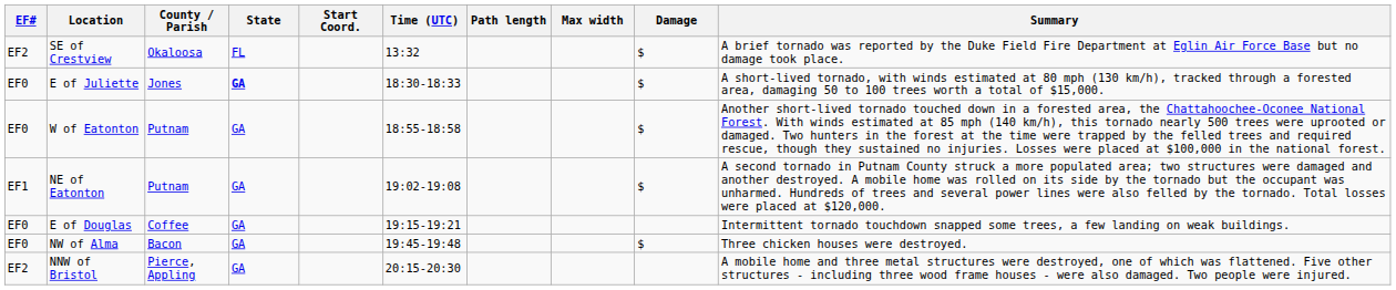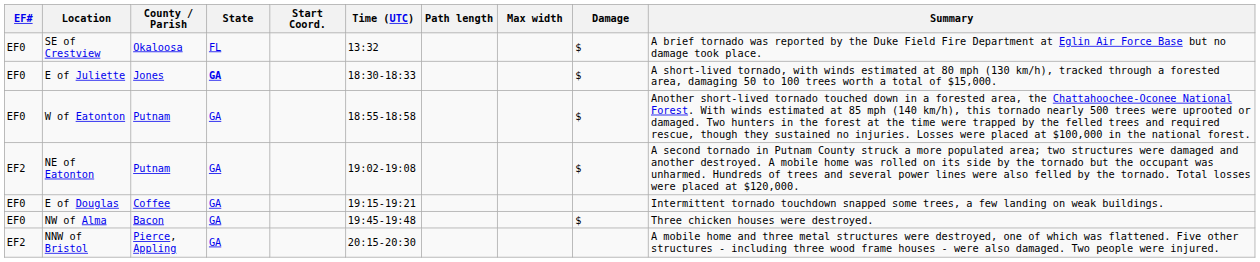 <table class="wikitable sortable" style="width:100%;">
 <tr>
 <th scope="col"  style="width:3%; text-align:center;"><a href='#'>EF#</a></th>
 <th scope="col"  style="width:7%; text-align:center;" class="unsortable">Location</th>
 <th scope="col"  style="width:6%; text-align:center;" class="unsortable">County / Parish</th>
 <th scope="col"  style="width:5%; text-align:center;">State</th>
 <th scope="col"  style="width:6%; text-align:center;">Start Coord.</th>
 <th scope="col"  style="width:6%; text-align:center;">Time (<a href='#'>UTC</a>)</th>
 <th scope="col"  style="width:6%; text-align:center;">Path length</th>
 <th scope="col"  style="width:6%; text-align:center;">Max width</th>
 <th scope="col"  style="width:6%; text-align:center;">Damage</th>
 <th scope="col" class="unsortable" style="width:48%; text-align:center;">Summary</th>
 </tr>
 <tr>
-<td>EF2</td>
+<td>EF0</td>
 <td>SE of <a href='#'>Crestview</a></td>
 <td><a href='#'>Okaloosa</a></td>
 <td><a href='#'>FL</a></td>
 <td></td>
 <td>13:32</td>
 <td></td>
 <td></td>
 <td>$</td>
 <td>A brief tornado was reported by the Duke Field Fire Department at <a href='#'>Eglin Air Force Base</a> but no damage took place.</td>
 </tr>
 <tr>
 <td>EF0</td>
 <td>E of <a href='#'>Juliette</a></td>
 <td><a href='#'>Jones</a></td>
 <td><strong><a href='#'>GA</a></strong></td>
 <td></td>
 <td>18:30-18:33</td>
 <td></td>
 <td></td>
 <td>$</td>
 <td>A short-lived tornado, with winds estimated at 80 mph (130 km/h), tracked through a forested area, damaging 50 to 100 trees worth a total of $15,000.</td>
 </tr>
 <tr>
 <td>EF0</td>
 <td>W of <a href='#'>Eatonton</a></td>
 <td><a href='#'>Putnam</a></td>
 <td><a href='#'>GA</a></td>
 <td></td>
 <td>18:55-18:58</td>
 <td></td>
 <td></td>
 <td>$</td>
 <td>Another short-lived tornado touched down in a forested area, the <a href='#'>Chattahoochee-Oconee National Forest</a>. With winds estimated at 85 mph (140 km/h), this tornado nearly 500 trees were uprooted or damaged. Two hunters in the forest at the time were trapped by the felled trees and required rescue, though they sustained no injuries. Losses were placed at $100,000 in the national forest.</td>
 </tr>
 <tr>
-<td>EF1</td>
+<td>EF2</td>
 <td>NE of <a href='#'>Eatonton</a></td>
 <td><a href='#'>Putnam</a></td>
 <td><a href='#'>GA</a></td>
 <td></td>
 <td>19:02-19:08</td>
 <td></td>
 <td></td>
 <td>$</td>
 <td>A second tornado in Putnam County struck a more populated area; two structures were damaged and another destroyed. A mobile home was rolled on its side by the tornado but the occupant was unharmed. Hundreds of trees and several power lines were also felled by the tornado. Total losses were placed at $120,000.</td>
 </tr>
 <tr>
 <td>EF0</td>
 <td>E of <a href='#'>Douglas</a></td>
 <td><a href='#'>Coffee</a></td>
 <td><a href='#'>GA</a></td>
 <td></td>
 <td>19:15-19:21</td>
 <td></td>
 <td></td>
 <td></td>
 <td>Intermittent tornado touchdown snapped some trees, a few landing on weak buildings.</td>
 </tr>
 <tr>
 <td>EF0</td>
 <td>NW of <a href='#'>Alma</a></td>
 <td><a href='#'>Bacon</a></td>
 <td><a href='#'>GA</a></td>
 <td></td>
 <td>19:45-19:48</td>
 <td></td>
 <td></td>
 <td>$</td>
 <td>Three chicken houses were destroyed.</td>
 </tr>
 <tr>
 <td>EF2</td>
 <td>NNW of <a href='#'>Bristol</a></td>
 <td><a href='#'>Pierce</a>, <a href='#'>Appling</a></td>
 <td><a href='#'>GA</a></td>
 <td></td>
 <td>20:15-20:30</td>
 <td></td>
 <td></td>
 <td></td>
 <td>A mobile home and three metal structures were destroyed, one of which was flattened. Five other structures - including three wood frame houses - were also damaged. Two people were injured.</td>
 </tr>
 </table>
